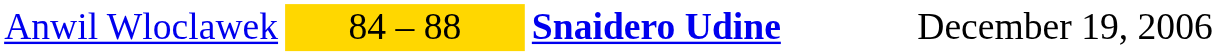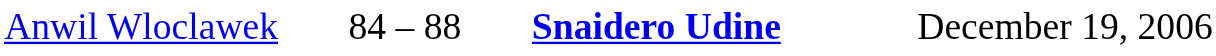 <table style="text-align:center">
 <tr>
 <th width=160></th>
 <th width=100></th>
 <th width=160></th>
 <th width=200></th>
 </tr>
 <tr>
 <td align=right><a href='#'>Anwil Wloclawek</a> </td>
-<td style="background: gold;">84 – 88</td>
+<td>84 – 88</td>
 <td align=left> <strong><a href='#'>Snaidero Udine</a></strong></td>
 <td align=left>December 19, 2006</td>
 </tr>
 </table>
